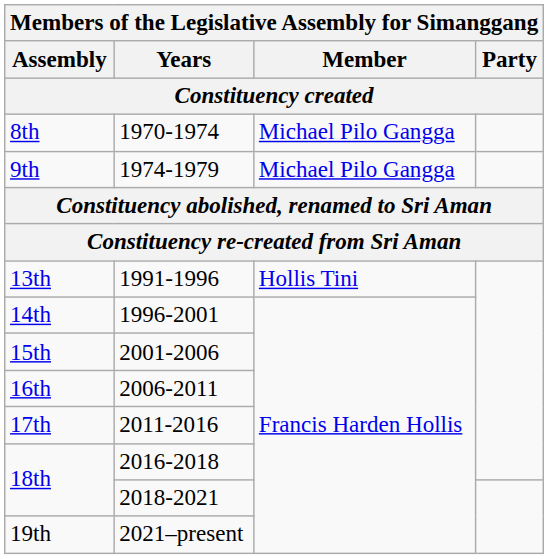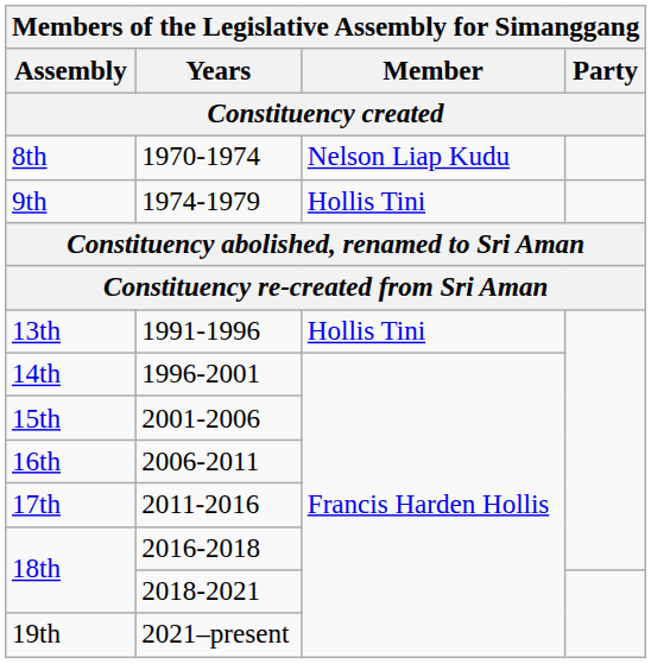 <table class=wikitable>
 <tr>
 <th colspan="4">Members of the Legislative Assembly for Simanggang</th>
 </tr>
 <tr>
 <th>Assembly</th>
 <th>Years</th>
 <th>Member</th>
 <th>Party</th>
 </tr>
 <tr>
 <th colspan=4 align=center><em>Constituency created</em></th>
 </tr>
 <tr>
 <td><a href='#'>8th</a></td>
 <td>1970-1974</td>
-<td><a href='#'>Michael Pilo Gangga</a></td>
+<td><a href='#'>Nelson Liap Kudu</a></td>
 <td></td>
 </tr>
 <tr>
 <td><a href='#'>9th</a></td>
 <td>1974-1979</td>
-<td><a href='#'>Michael Pilo Gangga</a></td>
+<td><a href='#'>Hollis Tini</a></td>
 <td></td>
 </tr>
 <tr>
 <th colspan=4 align=center><em>Constituency abolished, renamed to Sri Aman</em></th>
 </tr>
 <tr>
 <th colspan=4 align=center><em>Constituency re-created from Sri Aman</em></th>
 </tr>
 <tr>
 <td><a href='#'>13th</a></td>
 <td>1991-1996</td>
 <td><a href='#'>Hollis Tini</a></td>
 <td rowspan=6></td>
 </tr>
 <tr>
 <td><a href='#'>14th</a></td>
 <td>1996-2001</td>
 <td rowspan="7"><a href='#'>Francis Harden Hollis</a></td>
 </tr>
 <tr>
 <td><a href='#'>15th</a></td>
 <td>2001-2006</td>
 </tr>
 <tr>
 <td><a href='#'>16th</a></td>
 <td>2006-2011</td>
 </tr>
 <tr>
 <td><a href='#'>17th</a></td>
 <td>2011-2016</td>
 </tr>
 <tr>
 <td rowspan="2"><a href='#'>18th</a></td>
 <td>2016-2018</td>
 </tr>
 <tr>
 <td>2018-2021</td>
 <td rowspan=2></td>
 </tr>
 <tr>
 <td>19th</td>
 <td>2021–present</td>
 </tr>
 </table>
